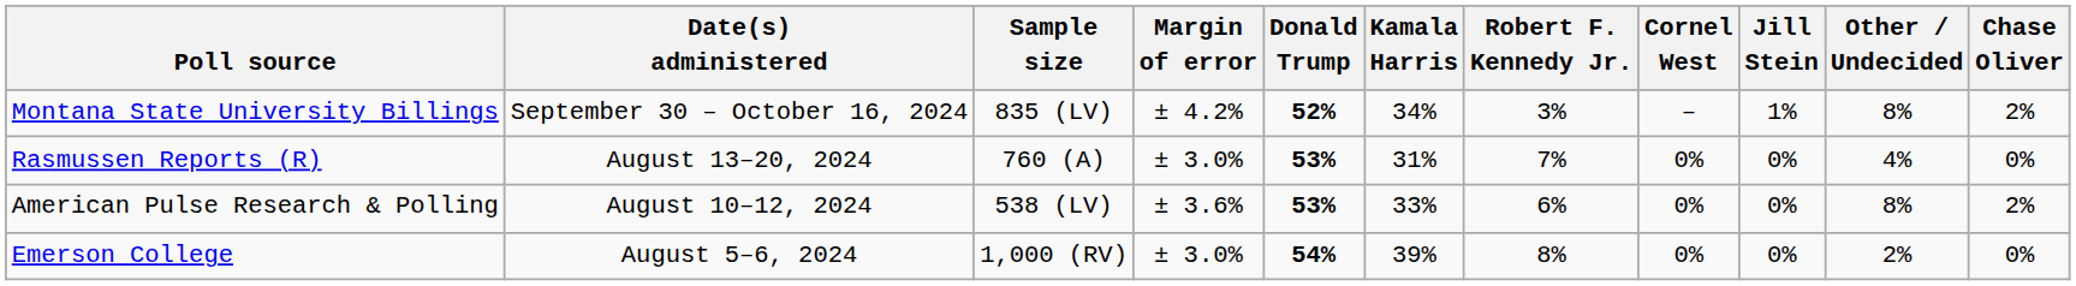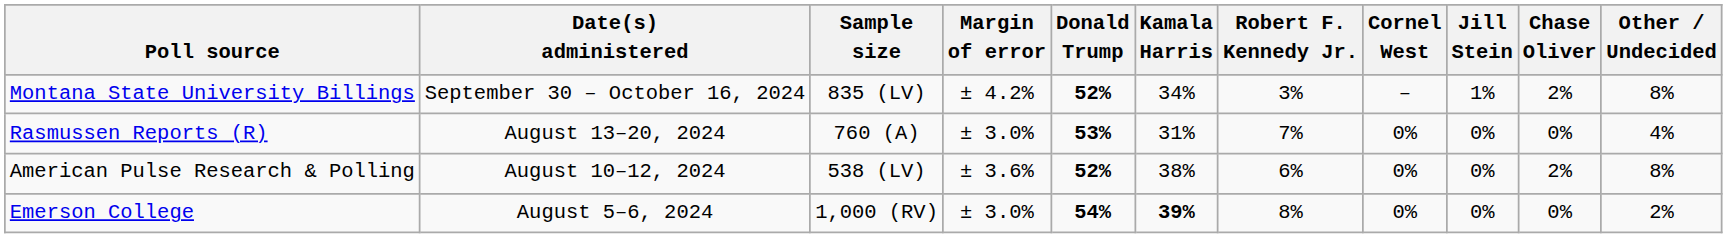 <table class="wikitable sortable mw-datatable" style="font-size:90%;text-align:center;line-height:17px">
 <tr valign=bottom>
 <th>Poll source</th>
 <th>Date(s)<br>administered</th>
 <th>Sample<br>size</th>
 <th>Margin<br>of error</th>
 <th class="unsortable">Donald<br>Trump<br></th>
 <th class="unsortable">Kamala<br>Harris<br></th>
 <th class="unsortable">Robert F.<br>Kennedy Jr.<br></th>
 <th class="unsortable">Cornel<br>West<br></th>
 <th class="unsortable">Jill<br>Stein<br></th>
+<th class="unsortable">Chase<br>Oliver<br></th>
 <th class="unsortable">Other /<br>Undecided</th>
-<th class="unsortable">Chase<br>Oliver<br></th>
 </tr>
 <tr>
 <td style="text-align:left;"><a href='#'>Montana State University Billings</a></td>
 <td data-sort-value="2024-10-16">September 30 – October 16, 2024</td>
 <td>835 (LV)</td>
 <td>± 4.2%</td>
 <td style="background-color:"><strong>52%</strong></td>
 <td>34%</td>
 <td>3%</td>
 <td>–</td>
 <td>1%</td>
+<td>2%</td>
 <td>8%</td>
-<td>2%</td>
 </tr>
 <tr>
 <td style="text-align:left;"><a href='#'>Rasmussen Reports (R)</a></td>
 <td data-sort-value="2024-08-20">August 13–20, 2024</td>
 <td>760 (A)</td>
 <td>± 3.0%</td>
 <td style="background-color:"><strong>53%</strong></td>
 <td>31%</td>
 <td>7%</td>
 <td>0%</td>
 <td>0%</td>
+<td>0%</td>
 <td>4%</td>
-<td>0%</td>
 </tr>
 <tr>
 <td style="text-align:left;">American Pulse Research & Polling</td>
 <td data-sort-value="2024-08-12">August 10–12, 2024</td>
 <td>538 (LV)</td>
 <td>± 3.6%</td>
-<td style="background-color:"><strong>53%</strong></td>
-<td>33%</td>
+<td style="background-color:"><strong>52%</strong></td>
+<td>38%</td>
 <td>6%</td>
 <td>0%</td>
 <td>0%</td>
+<td>2%</td>
 <td>8%</td>
-<td>2%</td>
 </tr>
 <tr>
 <td style="text-align:left;"><a href='#'>Emerson College</a></td>
 <td data-sort-value="2024-08-06">August 5–6, 2024</td>
 <td>1,000 (RV)</td>
 <td>± 3.0%</td>
 <td style="background-color:"><strong>54%</strong></td>
-<td>39%</td>
+<td><strong>39%</strong></td>
 <td>8%</td>
 <td>0%</td>
 <td>0%</td>
+<td>0%</td>
 <td>2%</td>
-<td>0%</td>
 </tr>
 </table>
